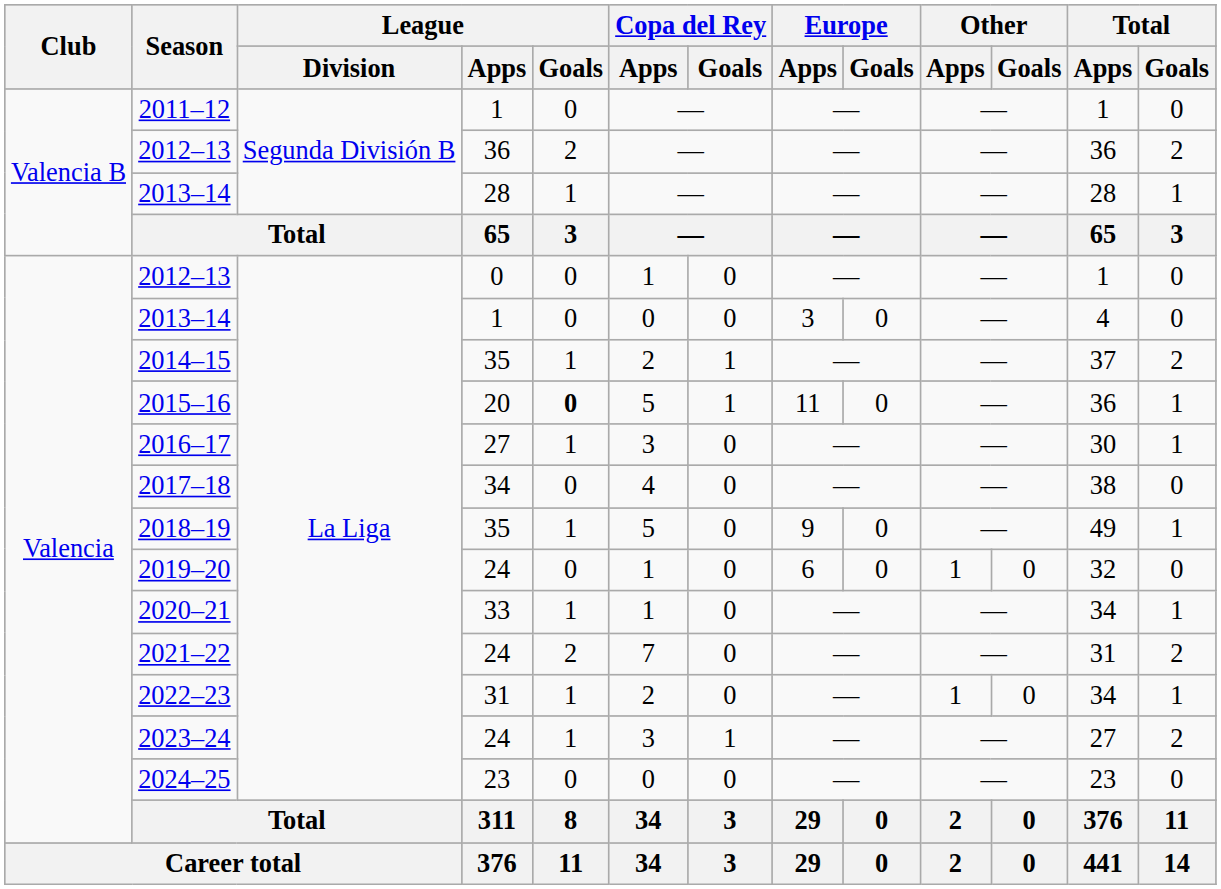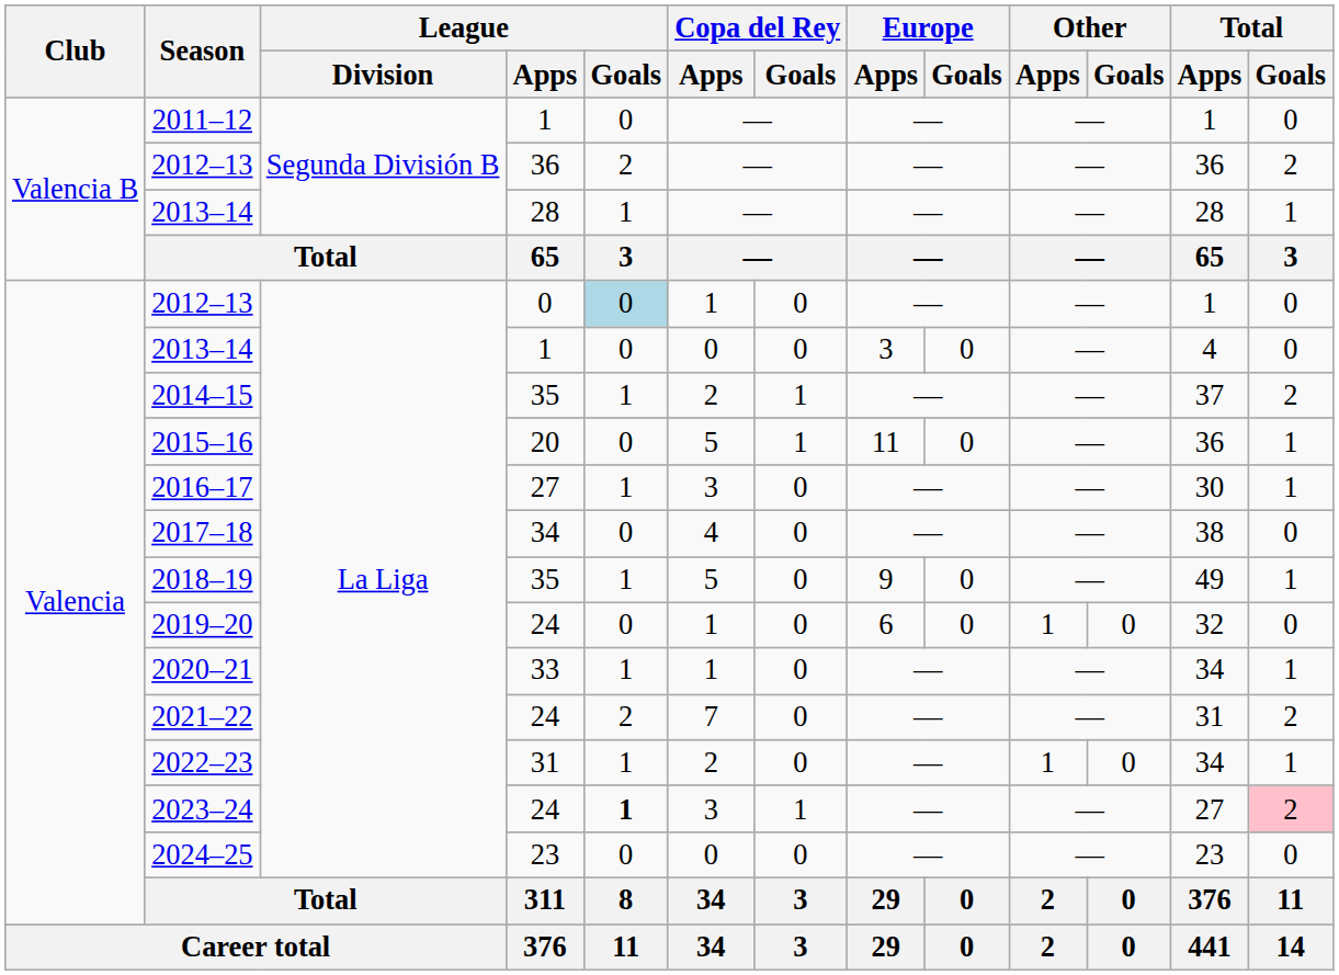 <table class="wikitable" style="text-align:center">
 <tr>
 <th rowspan="2">Club</th>
 <th rowspan="2">Season</th>
 <th colspan="3">League</th>
 <th colspan="2"><a href='#'>Copa del Rey</a></th>
 <th colspan="2"><a href='#'>Europe</a></th>
 <th colspan="2">Other</th>
 <th colspan="2">Total</th>
 </tr>
 <tr>
 <th>Division</th>
 <th>Apps</th>
 <th>Goals</th>
 <th>Apps</th>
 <th>Goals</th>
 <th>Apps</th>
 <th>Goals</th>
 <th>Apps</th>
 <th>Goals</th>
 <th>Apps</th>
 <th>Goals</th>
 </tr>
 <tr>
 <td rowspan="4"><a href='#'>Valencia B</a></td>
 <td><a href='#'>2011–12</a></td>
 <td rowspan="3"><a href='#'>Segunda División B</a></td>
 <td>1</td>
 <td>0</td>
 <td colspan="2">—</td>
 <td colspan="2">—</td>
 <td colspan="2">—</td>
 <td>1</td>
 <td>0</td>
 </tr>
 <tr>
 <td><a href='#'>2012–13</a></td>
 <td>36</td>
 <td>2</td>
 <td colspan="2">—</td>
 <td colspan="2">—</td>
 <td colspan="2">—</td>
 <td>36</td>
 <td>2</td>
 </tr>
 <tr>
 <td><a href='#'>2013–14</a></td>
 <td>28</td>
 <td>1</td>
 <td colspan="2">—</td>
 <td colspan="2">—</td>
 <td colspan="2">—</td>
 <td>28</td>
 <td>1</td>
 </tr>
 <tr>
 <th colspan="2">Total</th>
 <th>65</th>
 <th>3</th>
 <th colspan="2">—</th>
 <th colspan="2">—</th>
 <th colspan="2">—</th>
 <th>65</th>
 <th>3</th>
 </tr>
 <tr>
 <td rowspan="14"><a href='#'>Valencia</a></td>
 <td><a href='#'>2012–13</a></td>
 <td rowspan="13"><a href='#'>La Liga</a></td>
 <td>0</td>
-<td>0</td>
+<td style="background: lightblue;">0</td>
 <td>1</td>
 <td>0</td>
 <td colspan="2">—</td>
 <td colspan="2">—</td>
 <td>1</td>
 <td>0</td>
 </tr>
 <tr>
 <td><a href='#'>2013–14</a></td>
 <td>1</td>
 <td>0</td>
 <td>0</td>
 <td>0</td>
 <td>3</td>
 <td>0</td>
 <td colspan="2">—</td>
 <td>4</td>
 <td>0</td>
 </tr>
 <tr>
 <td><a href='#'>2014–15</a></td>
 <td>35</td>
 <td>1</td>
 <td>2</td>
 <td>1</td>
 <td colspan="2">—</td>
 <td colspan="2">—</td>
 <td>37</td>
 <td>2</td>
 </tr>
 <tr>
 <td><a href='#'>2015–16</a></td>
 <td>20</td>
-<td><strong>0</strong></td>
+<td>0</td>
 <td>5</td>
 <td>1</td>
 <td>11</td>
 <td>0</td>
 <td colspan="2">—</td>
 <td>36</td>
 <td>1</td>
 </tr>
 <tr>
 <td><a href='#'>2016–17</a></td>
 <td>27</td>
 <td>1</td>
 <td>3</td>
 <td>0</td>
 <td colspan="2">—</td>
 <td colspan="2">—</td>
 <td>30</td>
 <td>1</td>
 </tr>
 <tr>
 <td><a href='#'>2017–18</a></td>
 <td>34</td>
 <td>0</td>
 <td>4</td>
 <td>0</td>
 <td colspan="2">—</td>
 <td colspan="2">—</td>
 <td>38</td>
 <td>0</td>
 </tr>
 <tr>
 <td><a href='#'>2018–19</a></td>
 <td>35</td>
 <td>1</td>
 <td>5</td>
 <td>0</td>
 <td>9</td>
 <td>0</td>
 <td colspan="2">—</td>
 <td>49</td>
 <td>1</td>
 </tr>
 <tr>
 <td><a href='#'>2019–20</a></td>
 <td>24</td>
 <td>0</td>
 <td>1</td>
 <td>0</td>
 <td>6</td>
 <td>0</td>
 <td>1</td>
 <td>0</td>
 <td>32</td>
 <td>0</td>
 </tr>
 <tr>
 <td><a href='#'>2020–21</a></td>
 <td>33</td>
 <td>1</td>
 <td>1</td>
 <td>0</td>
 <td colspan="2">—</td>
 <td colspan="2">—</td>
 <td>34</td>
 <td>1</td>
 </tr>
 <tr>
 <td><a href='#'>2021–22</a></td>
 <td>24</td>
 <td>2</td>
 <td>7</td>
 <td>0</td>
 <td colspan="2">—</td>
 <td colspan="2">—</td>
 <td>31</td>
 <td>2</td>
 </tr>
 <tr>
 <td><a href='#'>2022–23</a></td>
 <td>31</td>
 <td>1</td>
 <td>2</td>
 <td>0</td>
 <td colspan="2">—</td>
 <td>1</td>
 <td>0</td>
 <td>34</td>
 <td>1</td>
 </tr>
 <tr>
 <td><a href='#'>2023–24</a></td>
 <td>24</td>
-<td>1</td>
+<td><strong>1</strong></td>
 <td>3</td>
 <td>1</td>
 <td colspan="2">—</td>
 <td colspan="2">—</td>
 <td>27</td>
-<td>2</td>
+<td style="background: pink;">2</td>
 </tr>
 <tr>
 <td><a href='#'>2024–25</a></td>
 <td>23</td>
 <td>0</td>
 <td>0</td>
 <td>0</td>
 <td colspan="2">—</td>
 <td colspan="2">—</td>
 <td>23</td>
 <td>0</td>
 </tr>
 <tr>
 <th colspan="2">Total</th>
 <th>311</th>
 <th>8</th>
 <th>34</th>
 <th>3</th>
 <th>29</th>
 <th>0</th>
 <th>2</th>
 <th>0</th>
 <th>376</th>
 <th>11</th>
 </tr>
 <tr>
 <th colspan="3">Career total</th>
 <th>376</th>
 <th>11</th>
 <th>34</th>
 <th>3</th>
 <th>29</th>
 <th>0</th>
 <th>2</th>
 <th>0</th>
 <th>441</th>
 <th>14</th>
 </tr>
 </table>
